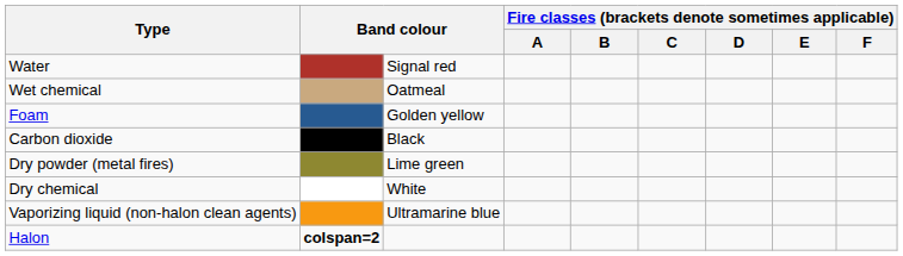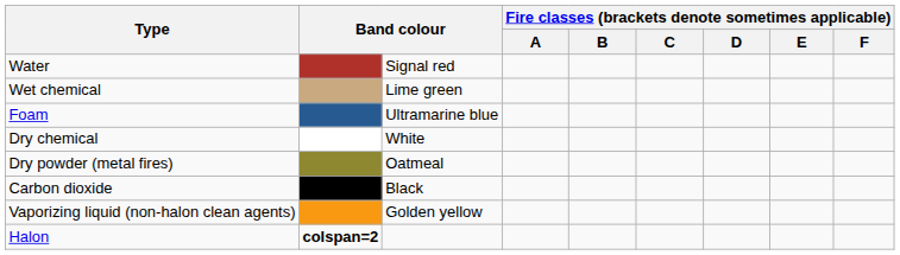 <table class="wikitable">
 <tr>
 <th rowspan=2>Type</th>
 <th rowspan=2 colspan="2">Band colour</th>
 <th colspan="6"><a href='#'>Fire classes</a> (brackets denote sometimes applicable)</th>
 </tr>
 <tr>
 <th>A</th>
 <th>B</th>
 <th>C</th>
 <th>D</th>
 <th>E</th>
 <th>F</th>
 </tr>
 <tr>
 <td>Water</td>
 <td style="background:#AF312A;"></td>
 <td>Signal red</td>
 <td></td>
 <td></td>
 <td></td>
 <td></td>
 <td></td>
 <td></td>
 </tr>
 <tr>
 <td>Wet chemical</td>
 <td style="background:#C9A97F;"></td>
-<td>Oatmeal</td>
+<td>Lime green</td>
 <td></td>
 <td></td>
 <td></td>
 <td></td>
 <td></td>
 <td></td>
 </tr>
 <tr>
 <td><a href='#'>Foam</a></td>
 <td style="background:#275A91;"></td>
-<td>Golden yellow</td>
+<td>Ultramarine blue</td>
+<td></td>
+<td></td>
+<td></td>
+<td></td>
+<td></td>
+<td></td>
+</tr>
+<tr>
+<td>Dry chemical</td>
+<td style="background:#fff;"></td>
+<td>White</td>
+<td></td>
+<td></td>
+<td></td>
+<td></td>
+<td></td>
+<td></td>
+</tr>
+<tr>
+<td>Dry powder (metal fires)</td>
+<td style="background:#8E8831;"></td>
+<td>Oatmeal</td>
 <td></td>
 <td></td>
 <td></td>
 <td></td>
 <td></td>
 <td></td>
 </tr>
 <tr>
 <td>Carbon dioxide</td>
 <td style="background:#000;"></td>
 <td>Black</td>
 <td></td>
 <td></td>
 <td></td>
 <td></td>
 <td></td>
 <td></td>
 </tr>
 <tr>
-<td>Dry powder (metal fires)</td>
-<td style="background:#8E8831;"></td>
-<td>Lime green</td>
-<td></td>
-<td></td>
-<td></td>
-<td></td>
-<td></td>
-<td></td>
-</tr>
-<tr>
-<td>Dry chemical</td>
-<td style="background:#fff;"></td>
-<td>White</td>
-<td></td>
-<td></td>
-<td></td>
-<td></td>
-<td></td>
-<td></td>
-</tr>
-<tr>
 <td>Vaporizing liquid (non-halon clean agents)</td>
 <td style="background:#F89911;"></td>
-<td>Ultramarine blue</td>
+<td>Golden yellow</td>
 <td></td>
 <td></td>
 <td></td>
 <td></td>
 <td></td>
 <td></td>
 </tr>
 <tr>
 <td><a href='#'>Halon</a></td>
 <td><strong>colspan=2 </strong></td>
 <td></td>
 <td></td>
 <td></td>
 <td></td>
 <td></td>
 <td></td>
 </tr>
 </table>
